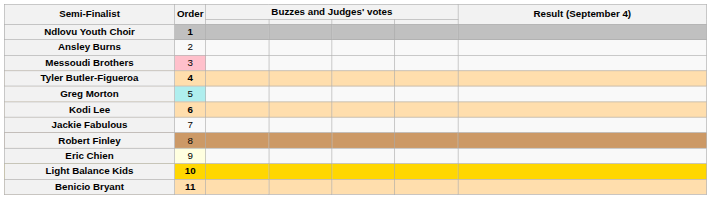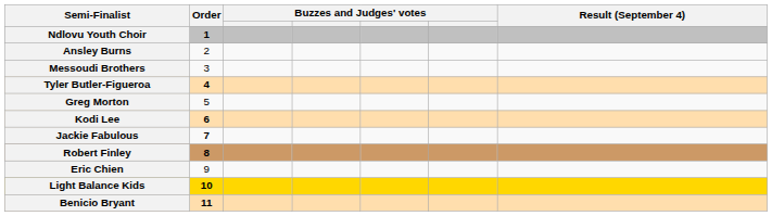 <table class="wikitable plainrowheaders sortable" style="text-align:center;">
 <tr>
 <th scope="col" rowspan="2" class="unsortable" style="width:17em;">Semi-Finalist</th>
 <th scope="col" rowspan="2" style="width:1em;">Order</th>
 <th scope="col" colspan="4" class="unsortable" style="width:24em;">Buzzes and Judges' votes </th>
 <th scope="col" rowspan="2" style="width:25em;">Result (September 4)</th>
 </tr>
 <tr>
 <th scope="col" class="unsortable" style="width:6em;"></th>
 <th scope="col" class="unsortable" style="width:6em;"></th>
 <th scope="col" class="unsortable" style="width:6em;"></th>
 <th scope="col" class="unsortable" style="width:6em;"></th>
 </tr>
 <tr style="background:silver">
 <th scope="row"><strong>Ndlovu Youth Choir</strong></th>
 <td><strong>1</strong></td>
 <td style="text-align:center;"></td>
 <td style="text-align:center;"></td>
 <td style="text-align:center;"></td>
 <td style="text-align:center;"></td>
 <td><strong></strong></td>
 </tr>
 <tr>
 <th scope="row">Ansley Burns</th>
 <td>2</td>
 <td style="text-align:center;"></td>
 <td style="text-align:center;"></td>
 <td style="text-align:center;"></td>
 <td style="text-align:center;"></td>
 <td></td>
 </tr>
 <tr>
 <th scope="row">Messoudi Brothers</th>
-<td style="background: pink;">3</td>
+<td>3</td>
 <td style="text-align:center;"></td>
 <td style="text-align:center;"></td>
 <td style="text-align:center;"></td>
 <td style="text-align:center;"></td>
 <td></td>
 </tr>
 <tr style="background:NavajoWhite">
 <th scope="row"><strong>Tyler Butler-Figueroa</strong></th>
 <td><strong>4</strong></td>
 <td style="text-align:center;"></td>
 <td style="text-align:center;"></td>
 <td style="text-align:center;"></td>
 <td style="text-align:center;"></td>
 <td><strong></strong></td>
 </tr>
 <tr>
 <th scope="row">Greg Morton</th>
-<td style="background: paleturquoise;">5</td>
+<td>5</td>
 <td style="text-align:center;"></td>
 <td style="text-align:center;"></td>
 <td style="text-align:center;"></td>
 <td style="text-align:center;"></td>
 <td></td>
 </tr>
 <tr style="background:NavajoWhite">
 <th scope="row"><strong>Kodi Lee</strong></th>
 <td><strong>6</strong></td>
 <td style="text-align:center;"></td>
 <td style="text-align:center;"></td>
 <td style="text-align:center;"></td>
 <td style="text-align:center;"></td>
 <td><strong></strong></td>
 </tr>
 <tr>
 <th scope="row">Jackie Fabulous</th>
-<td>7</td>
+<td><strong>7</strong></td>
 <td style="text-align:center;"></td>
 <td style="text-align:center;"></td>
 <td style="text-align:center;"></td>
 <td style="text-align:center;"></td>
 <td></td>
 </tr>
 <tr style="background:#c96">
 <th scope="row">Robert Finley</th>
-<td>8</td>
+<td><strong>8</strong></td>
 <td style="text-align:center;"></td>
 <td style="text-align:center;"></td>
 <td style="text-align:center;"></td>
 <td style="text-align:center;"></td>
 <td></td>
 </tr>
 <tr>
 <th scope="row">Eric Chien</th>
-<td style="background: lightyellow;">9</td>
+<td>9</td>
 <td style="text-align:center;"></td>
 <td style="text-align:center;"></td>
 <td style="text-align:center;"></td>
 <td style="text-align:center;"></td>
 <td></td>
 </tr>
 <tr style="background:gold">
 <th scope="row"><strong>Light Balance Kids</strong></th>
 <td><strong>10</strong></td>
 <td style="text-align:center;"></td>
 <td style="text-align:center;"></td>
 <td style="text-align:center;"></td>
 <td style="text-align:center;"></td>
 <td><strong></strong></td>
 </tr>
 <tr style="background:NavajoWhite">
 <th scope="row"><strong>Benicio Bryant</strong></th>
 <td><strong>11</strong></td>
 <td style="text-align:center;"></td>
 <td style="text-align:center;"></td>
 <td style="text-align:center;"></td>
 <td style="text-align:center;"></td>
 <td><strong></strong></td>
 </tr>
 </table>
